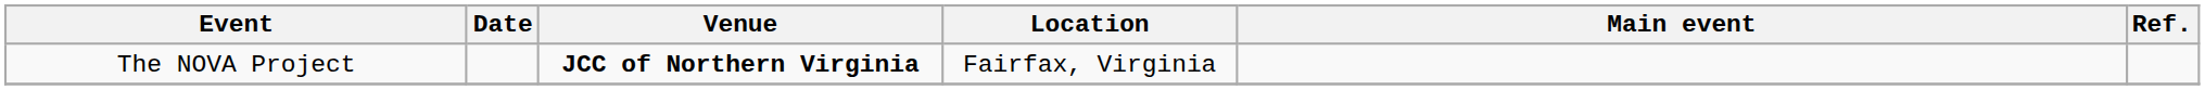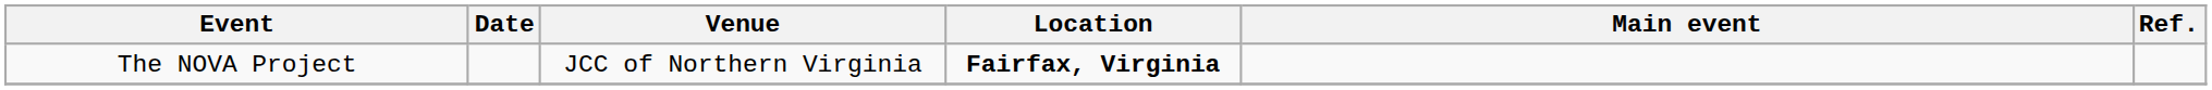 <table class="sortable wikitable succession-box"  style="font-size:85%; text-align:center;">
 <tr>
 <th scope="col" width="200">Event</th>
 <th scope="col" width="10">Date</th>
 <th scope="col" width="174">Venue</th>
 <th scope="col" width="126">Location</th>
 <th scope="col" width="390">Main event</th>
 <th scope="col" width="1" class="unsortable">Ref.</th>
 </tr>
 <tr>
 <td>The NOVA Project</td>
 <td></td>
-<td><strong>JCC of Northern Virginia</strong></td>
-<td>Fairfax, Virginia</td>
+<td>JCC of Northern Virginia</td>
+<td><strong>Fairfax, Virginia</strong></td>
 <td></td>
 <td></td>
 </tr>
 <tr>
 </tr>
 </table>
